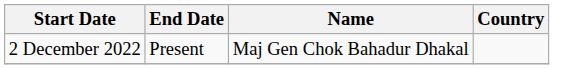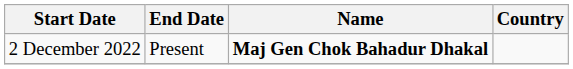 <table class="wikitable">
 <tr>
 <th>Start Date</th>
 <th>End Date</th>
 <th>Name</th>
 <th>Country</th>
 </tr>
 <tr>
 <td>2 December 2022</td>
 <td>Present</td>
-<td>Maj Gen Chok Bahadur Dhakal</td>
+<td><strong>Maj Gen Chok Bahadur Dhakal</strong></td>
 <td></td>
 </tr>
 <tr>
 </tr>
 </table>
